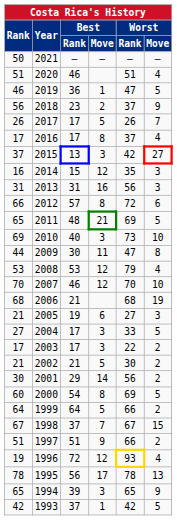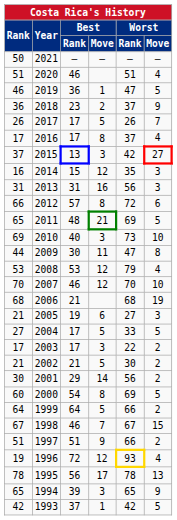 <table class="wikitable sortable" style="text-align:center;">
 <tr>
 <th colspan=9 style="background: #CE1126; color: #FFFFFF;"> Costa Rica's <a href='#'></a> History</th>
 </tr>
 <tr>
 <th rowspan=2 style="background-color: #002B7F; color: #FFFFFF;">Rank</th>
 <th rowspan=2 style="background-color: #002B7F; color: #FFFFFF;">Year</th>
 <th colspan=2 style="background-color: #002B7F; color: #FFFFFF;">Best</th>
 <th colspan=2 style="background-color: #002B7F; color: #FFFFFF;">Worst</th>
 </tr>
 <tr>
 <th style="background-color: #002B7F; color: #FFFFFF;">Rank</th>
 <th style="background-color: #002B7F; color: #FFFFFF;">Move</th>
 <th style="background-color: #002B7F; color: #FFFFFF;">Rank</th>
 <th style="background-color: #002B7F; color: #FFFFFF;">Move</th>
 </tr>
 <tr>
 <td>50</td>
 <td>2021</td>
 <td>—</td>
 <td>—</td>
 <td>—</td>
 <td>—</td>
 </tr>
 <tr>
 <td>51</td>
 <td>2020</td>
 <td>46</td>
 <td></td>
 <td>51</td>
 <td> 4</td>
 </tr>
 <tr>
 <td>46</td>
 <td>2019</td>
 <td>36</td>
 <td> 1</td>
 <td>47</td>
 <td> 5</td>
 </tr>
 <tr>
-<td>56</td>
+<td>36</td>
 <td>2018</td>
 <td>23</td>
 <td> 2</td>
 <td>37</td>
 <td> 9</td>
 </tr>
 <tr>
 <td>26</td>
 <td>2017</td>
 <td>17</td>
 <td> 5</td>
 <td>26</td>
 <td> 7</td>
 </tr>
 <tr>
 <td>17</td>
 <td>2016</td>
 <td>17</td>
 <td> 8</td>
 <td>37</td>
 <td> 4</td>
 </tr>
 <tr>
 <td>37</td>
 <td>2015</td>
 <td style="border: 3px solid blue">13</td>
 <td> 3</td>
 <td>42</td>
 <td style="border: 3px solid red"> 27</td>
 </tr>
 <tr>
 <td>16</td>
 <td>2014</td>
 <td>15</td>
 <td> 12</td>
 <td>35</td>
 <td> 3</td>
 </tr>
 <tr>
 <td>31</td>
 <td>2013</td>
 <td>31</td>
 <td> 16</td>
 <td>56</td>
 <td> 3</td>
 </tr>
 <tr>
 <td>66</td>
 <td>2012</td>
 <td>57</td>
 <td> 8</td>
 <td>72</td>
 <td> 6</td>
 </tr>
 <tr>
 <td>65</td>
 <td>2011</td>
 <td>48</td>
 <td style="border: 3px solid green"> 21</td>
 <td>69</td>
 <td> 5</td>
 </tr>
 <tr>
 <td>69</td>
 <td>2010</td>
 <td>40</td>
 <td> 3</td>
 <td>73</td>
 <td> 10</td>
 </tr>
 <tr>
 <td>44</td>
 <td>2009</td>
 <td>30</td>
 <td> 11</td>
 <td>47</td>
 <td> 8</td>
 </tr>
 <tr>
 <td>53</td>
 <td>2008</td>
 <td>53</td>
 <td> 12</td>
 <td>79</td>
 <td> 4</td>
 </tr>
 <tr>
 <td>70</td>
 <td>2007</td>
 <td>46</td>
 <td> 12</td>
 <td>70</td>
 <td> 10</td>
 </tr>
 <tr>
 <td>68</td>
 <td>2006</td>
 <td>21</td>
 <td></td>
 <td>68</td>
 <td> 19</td>
 </tr>
 <tr>
 <td>21</td>
 <td>2005</td>
 <td>19</td>
 <td> 6</td>
 <td>27</td>
 <td> 3</td>
 </tr>
 <tr>
 <td>27</td>
 <td>2004</td>
 <td>17</td>
-<td> 3</td>
+<td> 5</td>
 <td>33</td>
 <td> 5</td>
 </tr>
 <tr>
 <td>17</td>
 <td>2003</td>
 <td>17</td>
 <td> 3</td>
 <td>22</td>
 <td> 2</td>
 </tr>
 <tr>
 <td>21</td>
 <td>2002</td>
 <td>21</td>
 <td> 5</td>
 <td>30</td>
 <td> 2</td>
 </tr>
 <tr>
 <td>30</td>
 <td>2001</td>
 <td>29</td>
 <td> 14</td>
 <td>56</td>
 <td> 2</td>
 </tr>
 <tr>
 <td>60</td>
 <td>2000</td>
 <td>54</td>
 <td> 8</td>
 <td>69</td>
 <td> 5</td>
 </tr>
 <tr>
 <td>64</td>
 <td>1999</td>
 <td>64</td>
 <td> 5</td>
 <td>66</td>
 <td> 2</td>
 </tr>
 <tr>
 <td>67</td>
 <td>1998</td>
-<td>37</td>
+<td>46</td>
 <td> 7</td>
 <td>67</td>
 <td> 15</td>
 </tr>
 <tr>
 <td>51</td>
 <td>1997</td>
 <td>51</td>
 <td> 9</td>
 <td>66</td>
 <td> 2</td>
 </tr>
 <tr>
 <td>19</td>
 <td>1996</td>
 <td>72</td>
 <td> 12</td>
 <td style="border: 3px solid gold">93</td>
 <td> 4</td>
 </tr>
 <tr>
 <td>78</td>
 <td>1995</td>
 <td>56</td>
 <td> 17</td>
 <td>78</td>
 <td> 13</td>
 </tr>
 <tr>
 <td>65</td>
 <td>1994</td>
 <td>39</td>
 <td> 3</td>
 <td>65</td>
 <td> 9</td>
 </tr>
 <tr>
 <td>42</td>
 <td>1993</td>
 <td>37</td>
 <td> 1</td>
 <td>42</td>
 <td> 5</td>
 </tr>
 </table>
